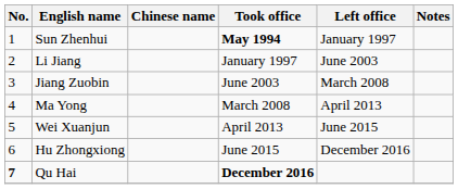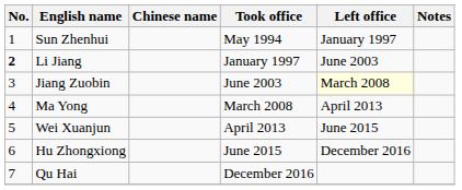 <table class="wikitable">
 <tr>
 <th>No.</th>
 <th>English name</th>
 <th>Chinese name</th>
 <th>Took office</th>
 <th>Left office</th>
 <th>Notes</th>
 </tr>
 <tr>
 <td>1</td>
 <td>Sun Zhenhui</td>
 <td></td>
-<td><strong>May 1994</strong></td>
+<td>May 1994</td>
 <td>January 1997</td>
 <td></td>
 </tr>
 <tr>
-<td>2</td>
+<td><strong>2</strong></td>
 <td>Li Jiang</td>
 <td></td>
 <td>January 1997</td>
 <td>June 2003</td>
 <td></td>
 </tr>
 <tr>
 <td>3</td>
 <td>Jiang Zuobin</td>
 <td></td>
 <td>June 2003</td>
-<td>March 2008</td>
+<td style="background: lightyellow;">March 2008</td>
 <td></td>
 </tr>
 <tr>
 <td>4</td>
 <td>Ma Yong</td>
 <td></td>
 <td>March 2008</td>
 <td>April 2013</td>
 <td></td>
 </tr>
 <tr>
 <td>5</td>
 <td>Wei Xuanjun</td>
 <td></td>
 <td>April 2013</td>
 <td>June 2015</td>
 <td></td>
 </tr>
 <tr>
 <td>6</td>
 <td>Hu Zhongxiong</td>
 <td></td>
 <td>June 2015</td>
 <td>December 2016</td>
 <td></td>
 </tr>
 <tr>
-<td><strong>7</strong></td>
+<td>7</td>
 <td>Qu Hai</td>
 <td></td>
-<td><strong>December 2016</strong></td>
+<td>December 2016</td>
 <td></td>
 <td></td>
 </tr>
 <tr>
 </tr>
 </table>
